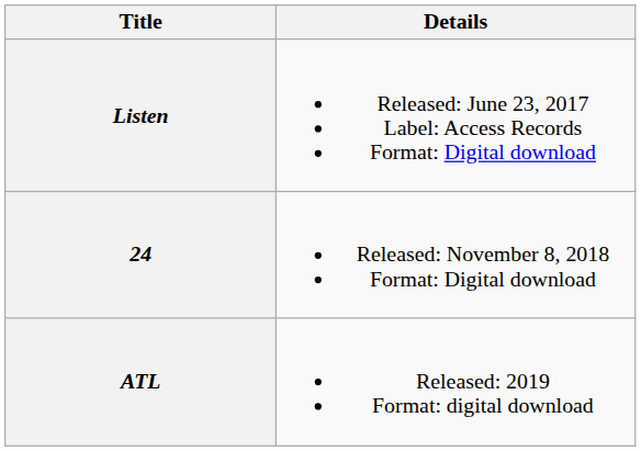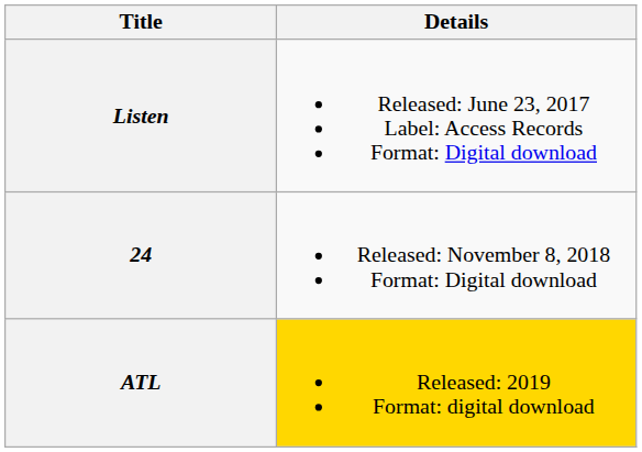 <table class="wikitable plainrowheaders" style="text-align:center;">
 <tr>
 <th scope="col" style="width:12em;">Title</th>
 <th scope="col" style="width:16em;">Details</th>
 </tr>
 <tr>
 <th scope="row"><em>Listen</em></th>
 <td><br><ul><li>Released: June 23, 2017</li><li>Label: Access Records</li><li>Format: <a href='#'>Digital download</a></li></ul></td>
 </tr>
 <tr>
 <th scope="row"><em>24</em></th>
 <td><br><ul><li>Released: November 8, 2018</li><li>Format: Digital download</li></ul></td>
 </tr>
 <tr>
 <th scope="row"><em>ATL</em></th>
-<td><br><ul><li>Released: 2019</li><li>Format: digital download</li></ul></td>
+<td style="background: gold;"><br><ul><li>Released: 2019</li><li>Format: digital download</li></ul></td>
 </tr>
 </table>
